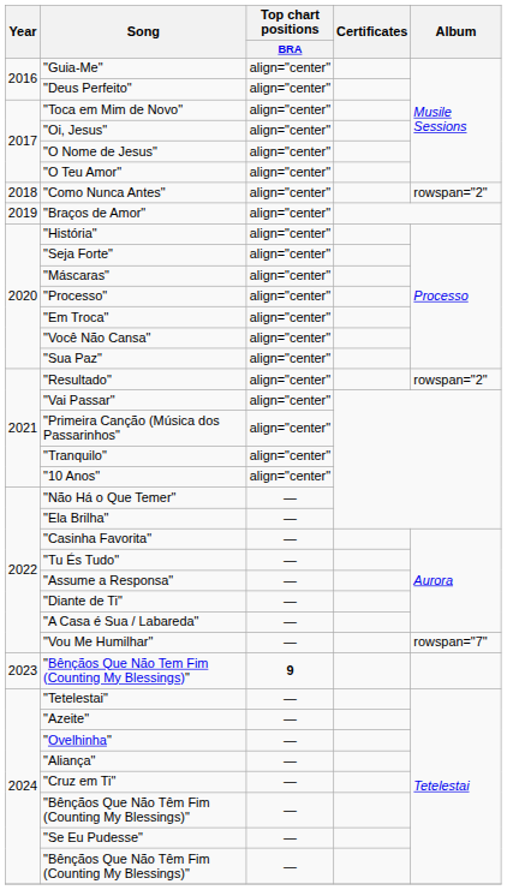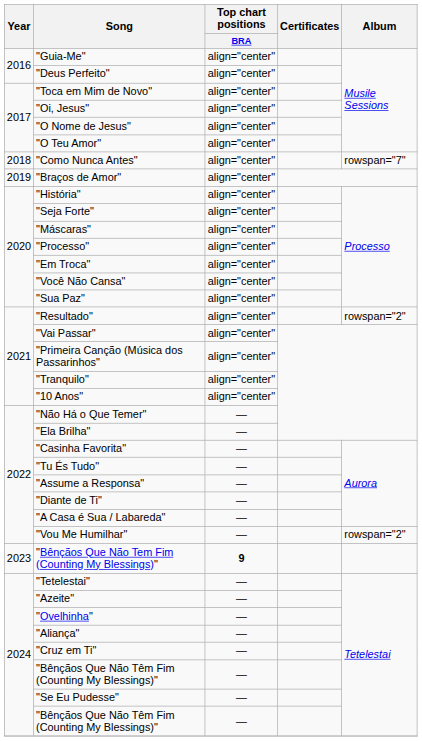 <table class="wikitable">
 <tr>
 <th rowspan="2">Year</th>
 <th rowspan="2">Song</th>
 <th>Top chart positions</th>
 <th rowspan="2">Certificates</th>
 <th rowspan="2">Album</th>
 </tr>
 <tr>
 <th scope="col" style="width:2.7em;font-size:85%;"><a href='#'>BRA</a><br></th>
 </tr>
 <tr>
 <td rowspan="2">2016</td>
 <td>"Guia-Me"</td>
 <td>align="center" </td>
 <td></td>
 <td rowspan="6"><em><a href='#'>Musile Sessions</a></em></td>
 </tr>
 <tr>
 <td>"Deus Perfeito"</td>
 <td>align="center" </td>
 <td></td>
 </tr>
 <tr>
 <td rowspan="4">2017</td>
 <td>"Toca em Mim de Novo"</td>
 <td>align="center" </td>
 <td></td>
 </tr>
 <tr>
 <td>"Oi, Jesus"</td>
 <td>align="center" </td>
 <td></td>
 </tr>
 <tr>
 <td>"O Nome de Jesus"</td>
 <td>align="center" </td>
 <td></td>
 </tr>
 <tr>
 <td>"O Teu Amor"</td>
 <td>align="center" </td>
 <td></td>
 </tr>
 <tr>
 <td>2018</td>
 <td>"Como Nunca Antes"</td>
 <td>align="center" </td>
 <td></td>
-<td>rowspan="2" </td>
+<td>rowspan="7" </td>
 </tr>
 <tr>
 <td>2019</td>
 <td>"Braços de Amor"</td>
 <td>align="center" </td>
 </tr>
 <tr>
 <td rowspan="7">2020</td>
 <td>"História"</td>
 <td>align="center" </td>
 <td></td>
 <td rowspan="7"><em><a href='#'>Processo</a></em></td>
 </tr>
 <tr>
 <td>"Seja Forte"</td>
 <td>align="center" </td>
 <td></td>
 </tr>
 <tr>
 <td>"Máscaras" </td>
 <td>align="center" </td>
 <td></td>
 </tr>
 <tr>
 <td>"Processo"</td>
 <td>align="center" </td>
 <td></td>
 </tr>
 <tr>
 <td>"Em Troca"</td>
 <td>align="center" </td>
 <td></td>
 </tr>
 <tr>
 <td>"Você Não Cansa"</td>
 <td>align="center" </td>
 <td></td>
 </tr>
 <tr>
 <td>"Sua Paz"</td>
 <td>align="center"  </td>
 <td></td>
 </tr>
 <tr>
 <td rowspan="5">2021</td>
 <td>"Resultado"</td>
 <td>align="center" </td>
 <td></td>
 <td>rowspan="2" </td>
 </tr>
 <tr>
 <td>"Vai Passar"</td>
 <td>align="center" </td>
 </tr>
 <tr>
 <td>"Primeira Canção (Música dos Passarinhos"</td>
 <td>align="center" </td>
 </tr>
 <tr>
 <td>"Tranquilo"</td>
 <td>align="center" </td>
 </tr>
 <tr>
 <td>"10 Anos"</td>
 <td>align="center" </td>
 </tr>
 <tr>
 <td rowspan="8">2022</td>
 <td>"Não Há o Que Temer"</td>
 <td align="center">—</td>
 </tr>
 <tr>
 <td>"Ela Brilha"</td>
 <td align="center">—</td>
 </tr>
 <tr>
 <td>"Casinha Favorita" </td>
 <td align="center">—</td>
 <td></td>
 <td rowspan="5"><em><a href='#'>Aurora</a></em></td>
 </tr>
 <tr>
 <td>"Tu És Tudo" </td>
 <td align="center">—</td>
 <td></td>
 </tr>
 <tr>
 <td>"Assume a Responsa" </td>
 <td align="center">—</td>
 <td></td>
 </tr>
 <tr>
 <td>"Diante de Ti" </td>
 <td align="center">—</td>
 <td></td>
 </tr>
 <tr>
 <td>"A Casa é Sua / Labareda" </td>
 <td align="center">—</td>
 <td></td>
 </tr>
 <tr>
 <td>"Vou Me Humilhar"</td>
 <td align="center">—</td>
 <td></td>
-<td>rowspan="7" </td>
+<td>rowspan="2" </td>
 </tr>
 <tr>
 <td>2023</td>
 <td>"<a href='#'>Bênçãos Que Não Tem Fim (Counting My Blessings)</a>"</td>
 <td align="center"><strong>9</strong></td>
 <td> </td>
 </tr>
 <tr>
 <td rowspan="8">2024</td>
 <td>"Tetelestai" </td>
 <td align="center">—</td>
 <td></td>
 <td rowspan="8"><em><a href='#'>Tetelestai</a></em></td>
 </tr>
 <tr>
 <td>"Azeite"</td>
 <td align="center">—</td>
 <td></td>
 </tr>
 <tr>
 <td>"<a href='#'>Ovelhinha</a>"</td>
 <td align="center">—</td>
 <td> </td>
 </tr>
 <tr>
 <td>"Aliança"</td>
 <td align="center">—</td>
 <td></td>
 </tr>
 <tr>
 <td>"Cruz em Ti"</td>
 <td align="center">—</td>
 <td></td>
 </tr>
 <tr>
 <td>"Bênçãos Que Não Têm Fim  (Counting My Blessings)"<br></td>
 <td align="center">—</td>
 <td></td>
 </tr>
 <tr>
 <td>"Se Eu Pudesse"</td>
 <td align="center">—</td>
 <td></td>
 </tr>
 <tr>
 <td>"Bênçãos Que Não Têm Fim (Counting My Blessings)"<br></td>
 <td align="center">—</td>
 <td></td>
 </tr>
 <tr>
 </tr>
 </table>
